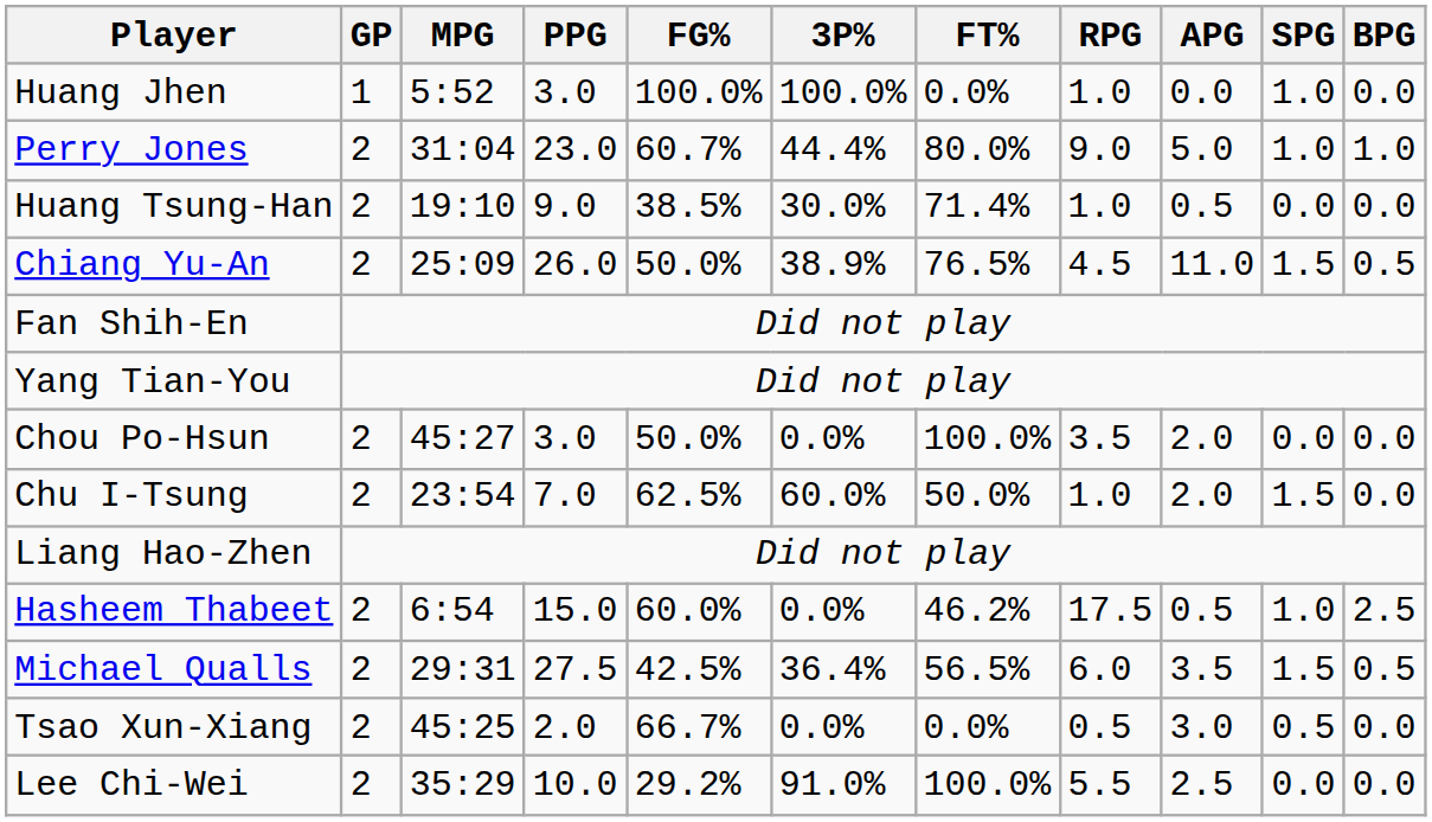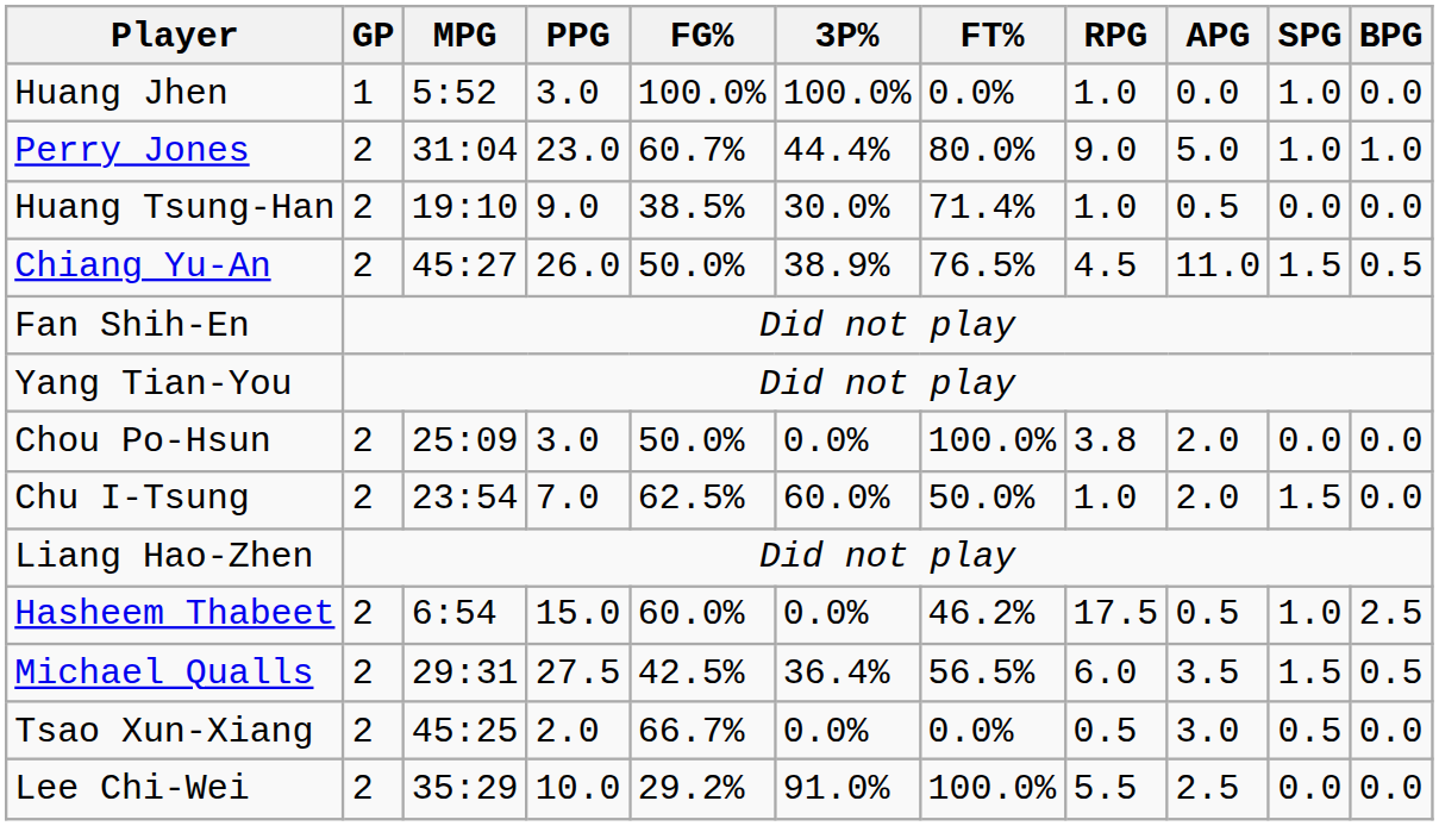 <table class="wikitable">
 <tr>
 <th>Player</th>
 <th>GP</th>
 <th>MPG</th>
 <th>PPG</th>
 <th>FG%</th>
 <th>3P%</th>
 <th>FT%</th>
 <th>RPG</th>
 <th>APG</th>
 <th>SPG</th>
 <th>BPG</th>
 </tr>
 <tr>
 <td>Huang Jhen</td>
 <td>1</td>
 <td>5:52</td>
 <td>3.0</td>
 <td>100.0%</td>
 <td>100.0%</td>
 <td>0.0%</td>
 <td>1.0</td>
 <td>0.0</td>
 <td>1.0</td>
 <td>0.0</td>
 </tr>
 <tr>
 <td><a href='#'>Perry Jones</a></td>
 <td>2</td>
 <td>31:04</td>
 <td>23.0</td>
 <td>60.7%</td>
 <td>44.4%</td>
 <td>80.0%</td>
 <td>9.0</td>
 <td>5.0</td>
 <td>1.0</td>
 <td>1.0</td>
 </tr>
 <tr>
 <td>Huang Tsung-Han</td>
 <td>2</td>
 <td>19:10</td>
 <td>9.0</td>
 <td>38.5%</td>
 <td>30.0%</td>
 <td>71.4%</td>
 <td>1.0</td>
 <td>0.5</td>
 <td>0.0</td>
 <td>0.0</td>
 </tr>
 <tr>
 <td><a href='#'>Chiang Yu-An</a></td>
 <td>2</td>
-<td>25:09</td>
+<td>45:27</td>
 <td>26.0</td>
 <td>50.0%</td>
 <td>38.9%</td>
 <td>76.5%</td>
 <td>4.5</td>
 <td>11.0</td>
 <td>1.5</td>
 <td>0.5</td>
 </tr>
 <tr>
 <td>Fan Shih-En</td>
 <td colspan=10 align=center><em>Did not play</em></td>
 </tr>
 <tr>
 <td>Yang Tian-You</td>
 <td colspan=10 align=center><em>Did not play</em></td>
 </tr>
 <tr>
 <td>Chou Po-Hsun</td>
 <td>2</td>
-<td>45:27</td>
+<td>25:09</td>
 <td>3.0</td>
 <td>50.0%</td>
 <td>0.0%</td>
 <td>100.0%</td>
-<td>3.5</td>
+<td>3.8</td>
 <td>2.0</td>
 <td>0.0</td>
 <td>0.0</td>
 </tr>
 <tr>
 <td>Chu I-Tsung</td>
 <td>2</td>
 <td>23:54</td>
 <td>7.0</td>
 <td>62.5%</td>
 <td>60.0%</td>
 <td>50.0%</td>
 <td>1.0</td>
 <td>2.0</td>
 <td>1.5</td>
 <td>0.0</td>
 </tr>
 <tr>
 <td>Liang Hao-Zhen</td>
 <td colspan=10 align=center><em>Did not play</em></td>
 </tr>
 <tr>
 <td><a href='#'>Hasheem Thabeet</a></td>
 <td>2</td>
 <td>6:54</td>
 <td>15.0</td>
 <td>60.0%</td>
 <td>0.0%</td>
 <td>46.2%</td>
 <td>17.5</td>
 <td>0.5</td>
 <td>1.0</td>
 <td>2.5</td>
 </tr>
 <tr>
 <td><a href='#'>Michael Qualls</a></td>
 <td>2</td>
 <td>29:31</td>
 <td>27.5</td>
 <td>42.5%</td>
 <td>36.4%</td>
 <td>56.5%</td>
 <td>6.0</td>
 <td>3.5</td>
 <td>1.5</td>
 <td>0.5</td>
 </tr>
 <tr>
 <td>Tsao Xun-Xiang</td>
 <td>2</td>
 <td>45:25</td>
 <td>2.0</td>
 <td>66.7%</td>
 <td>0.0%</td>
 <td>0.0%</td>
 <td>0.5</td>
 <td>3.0</td>
 <td>0.5</td>
 <td>0.0</td>
 </tr>
 <tr>
 <td>Lee Chi-Wei</td>
 <td>2</td>
 <td>35:29</td>
 <td>10.0</td>
 <td>29.2%</td>
 <td>91.0%</td>
 <td>100.0%</td>
 <td>5.5</td>
 <td>2.5</td>
 <td>0.0</td>
 <td>0.0</td>
 </tr>
 </table>
